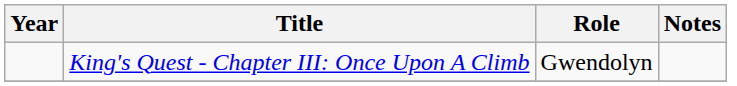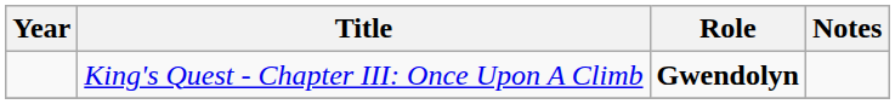 <table class="wikitable sortable">
 <tr>
 <th>Year</th>
 <th>Title</th>
 <th>Role</th>
 <th class="unsortable">Notes</th>
 </tr>
 <tr>
 <td></td>
 <td><em><a href='#'>King's Quest - Chapter III: Once Upon A Climb</a></em></td>
-<td>Gwendolyn</td>
+<td><strong>Gwendolyn</strong></td>
 <td></td>
 </tr>
 <tr>
 </tr>
 </table>
